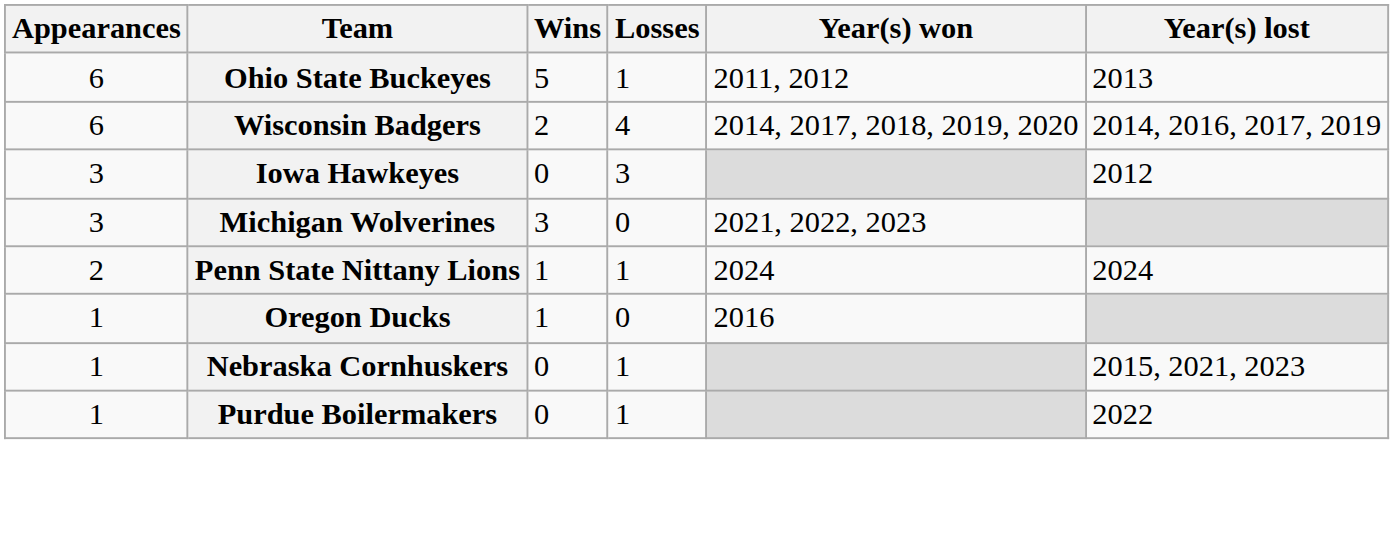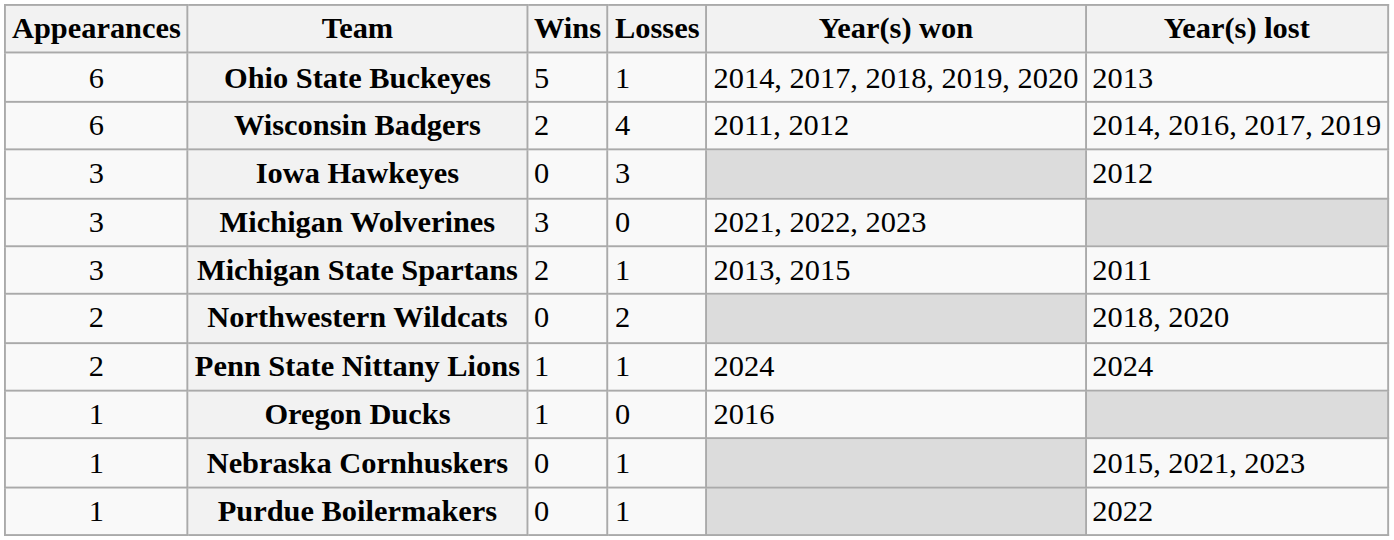 <table class = "wikitable">
 <tr>
 <th>Appearances</th>
 <th>Team</th>
 <th>Wins</th>
 <th>Losses</th>
 <th>Year(s) won</th>
 <th>Year(s) lost</th>
 </tr>
 <tr>
 <td align=center>6</td>
 <th>Ohio State Buckeyes</th>
 <td>5</td>
 <td>1</td>
-<td>2011, 2012</td>
+<td>2014, 2017, 2018, 2019, 2020</td>
 <td>2013</td>
 </tr>
 <tr>
 <td align=center>6</td>
 <th>Wisconsin Badgers</th>
 <td>2</td>
 <td>4</td>
-<td>2014, 2017, 2018, 2019, 2020</td>
+<td>2011, 2012</td>
 <td>2014, 2016, 2017, 2019</td>
 </tr>
 <tr>
 <td align=center>3</td>
 <th>Iowa Hawkeyes</th>
 <td>0</td>
 <td>3</td>
 <td style="background:#DCDCDC;"></td>
 <td>2012</td>
 </tr>
 <tr>
 <td align=center>3</td>
 <th>Michigan Wolverines</th>
 <td>3</td>
 <td>0</td>
 <td>2021, 2022, 2023</td>
 <td style="background:#DCDCDC;"></td>
+</tr>
+<tr>
+<td align=center>3</td>
+<th>Michigan State Spartans</th>
+<td>2</td>
+<td>1</td>
+<td>2013, 2015</td>
+<td>2011</td>
+</tr>
+<tr>
+<td align=center>2</td>
+<th>Northwestern Wildcats</th>
+<td>0</td>
+<td>2</td>
+<td style="background:#DCDCDC;"></td>
+<td>2018, 2020</td>
 </tr>
 <tr>
 <td align=center>2</td>
 <th>Penn State Nittany Lions</th>
 <td>1</td>
 <td>1</td>
 <td>2024</td>
 <td>2024</td>
 </tr>
 <tr>
 <td align=center>1</td>
 <th>Oregon Ducks</th>
 <td>1</td>
 <td>0</td>
 <td>2016</td>
 <td style="background:#DCDCDC;"></td>
 </tr>
 <tr>
 <td align=center>1</td>
 <th>Nebraska Cornhuskers</th>
 <td>0</td>
 <td>1</td>
 <td style="background:#DCDCDC;"></td>
 <td>2015, 2021, 2023</td>
 </tr>
 <tr>
 <td align=center>1</td>
 <th>Purdue Boilermakers</th>
 <td>0</td>
 <td>1</td>
 <td style="background:#DCDCDC;"></td>
 <td>2022</td>
 </tr>
 </table>
